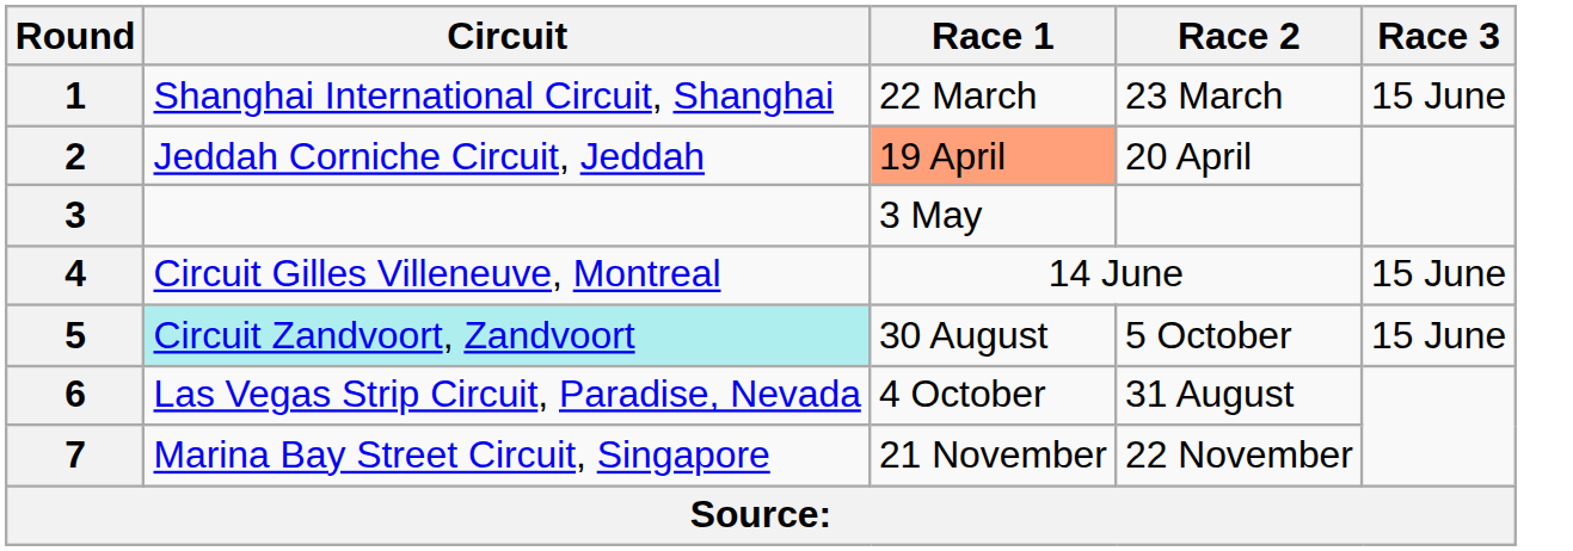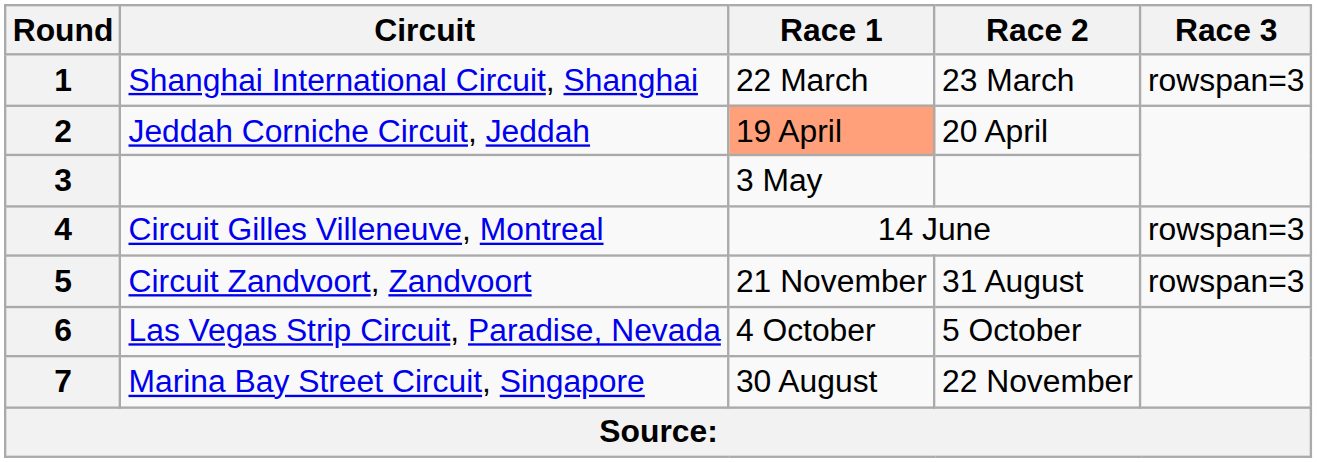 <table class=wikitable style="font-size:85%;">
 <tr>
 <th>Round</th>
 <th>Circuit</th>
 <th nowrap>Race 1</th>
 <th nowrap>Race 2</th>
 <th nowrap>Race 3</th>
 </tr>
 <tr>
 <th>1</th>
 <td> <a href='#'>Shanghai International Circuit</a>, <a href='#'>Shanghai</a></td>
 <td>22 March</td>
 <td>23 March</td>
-<td>15 June</td>
+<td>rowspan=3 </td>
 </tr>
 <tr>
 <th>2</th>
 <td> <a href='#'>Jeddah Corniche Circuit</a>, <a href='#'>Jeddah</a></td>
 <td style="background: lightsalmon;">19 April</td>
 <td>20 April</td>
 </tr>
 <tr>
 <th>3</th>
 <td></td>
 <td>3 May</td>
 <td></td>
 </tr>
 <tr>
 <th>4</th>
 <td> <a href='#'>Circuit Gilles Villeneuve</a>, <a href='#'>Montreal</a></td>
 <td colspan="2" style="text-align:center;">14 June</td>
-<td>15 June</td>
+<td>rowspan=3 </td>
 </tr>
 <tr>
 <th>5</th>
-<td style="background: paleturquoise;"> <a href='#'>Circuit Zandvoort</a>, <a href='#'>Zandvoort</a></td>
-<td>30 August</td>
-<td>5 October</td>
-<td>15 June</td>
+<td> <a href='#'>Circuit Zandvoort</a>, <a href='#'>Zandvoort</a></td>
+<td>21 November</td>
+<td>31 August</td>
+<td>rowspan=3 </td>
 </tr>
 <tr>
 <th>6</th>
 <td> <a href='#'>Las Vegas Strip Circuit</a>, <a href='#'>Paradise, Nevada</a></td>
 <td>4 October</td>
-<td>31 August</td>
+<td>5 October</td>
 </tr>
 <tr>
 <th>7</th>
 <td> <a href='#'>Marina Bay Street Circuit</a>, <a href='#'>Singapore</a></td>
-<td>21 November</td>
+<td>30 August</td>
 <td>22 November</td>
 </tr>
 <tr>
 <th colspan="5">Source:</th>
 </tr>
 </table>
